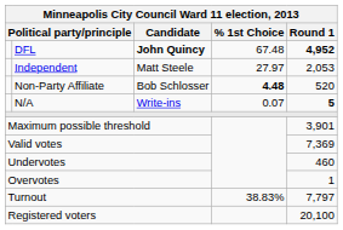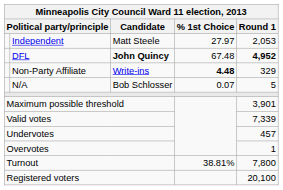 <table class="wikitable" style="font-size:95%">
 <tr>
 <th colspan="5">Minneapolis City Council Ward 11 election, 2013</th>
 </tr>
 <tr>
 <th colspan="2">Political party/principle</th>
 <th>Candidate</th>
 <th>% 1st Choice</th>
 <th>Round 1</th>
 </tr>
 <tr>
 <td style="background-color:"></td>
+<td><a href='#'>Independent</a></td>
+<td>Matt Steele</td>
+<td align="right">27.97</td>
+<td align="right">2,053</td>
+</tr>
+<tr>
+<td style="background-color:"></td>
 <td><a href='#'>DFL</a></td>
 <td><strong>John Quincy</strong></td>
 <td align="right">67.48</td>
 <td align="right"><strong>4,952</strong></td>
 </tr>
 <tr>
 <td style="background-color:"></td>
-<td><a href='#'>Independent</a></td>
-<td>Matt Steele</td>
-<td align="right">27.97</td>
-<td align="right">2,053</td>
-</tr>
-<tr>
-<td style="background-color:"></td>
 <td>Non-Party Affiliate</td>
-<td>Bob Schlosser</td>
+<td><a href='#'>Write-ins</a></td>
 <td align="right"><strong>4.48</strong></td>
-<td align="right">520</td>
+<td align="right">329</td>
 </tr>
 <tr>
 <td style="background-color:"></td>
 <td>N/A</td>
-<td><a href='#'>Write-ins</a></td>
+<td>Bob Schlosser</td>
 <td align="right">0.07</td>
-<td align="right"><strong>5</strong></td>
+<td align="right">5</td>
 </tr>
 <tr>
 <td colspan="5" style="background: #E9E9E9"></td>
 </tr>
 <tr>
 <td colspan="3">Maximum possible threshold</td>
 <td rowspan="4"></td>
 <td align="right">3,901</td>
 </tr>
 <tr>
 <td colspan="3">Valid votes</td>
-<td align="right">7,369</td>
+<td align="right">7,339</td>
 </tr>
 <tr>
 <td colspan="3">Undervotes</td>
-<td align="right">460</td>
+<td align="right">457</td>
 </tr>
 <tr>
 <td colspan="3">Overvotes</td>
 <td align="right">1</td>
 </tr>
 <tr>
 <td colspan="3">Turnout</td>
-<td align="right">38.83%</td>
-<td align="right">7,797</td>
+<td align="right">38.81%</td>
+<td align="right">7,800</td>
 </tr>
 <tr>
 <td colspan="3">Registered voters</td>
 <td></td>
 <td align="right">20,100</td>
 </tr>
 </table>
